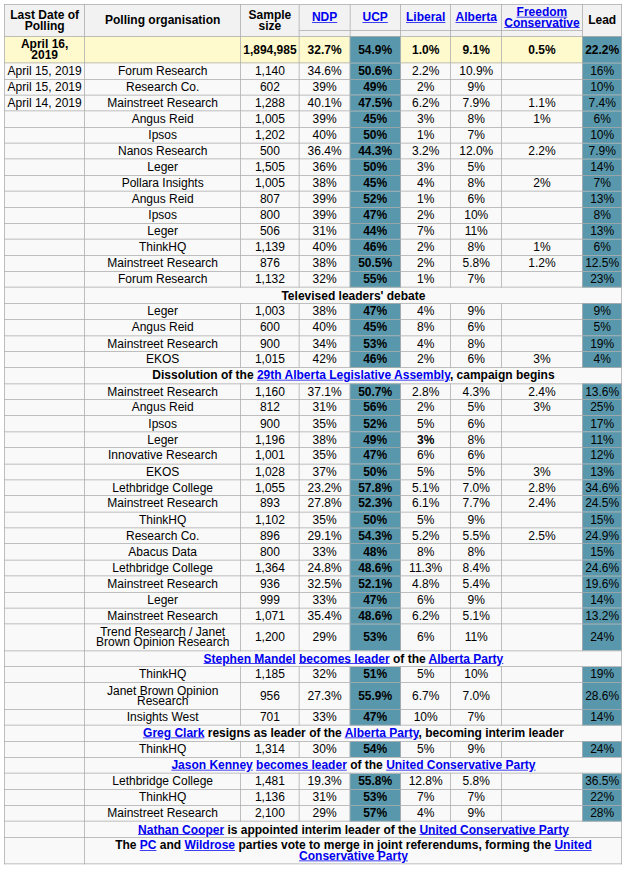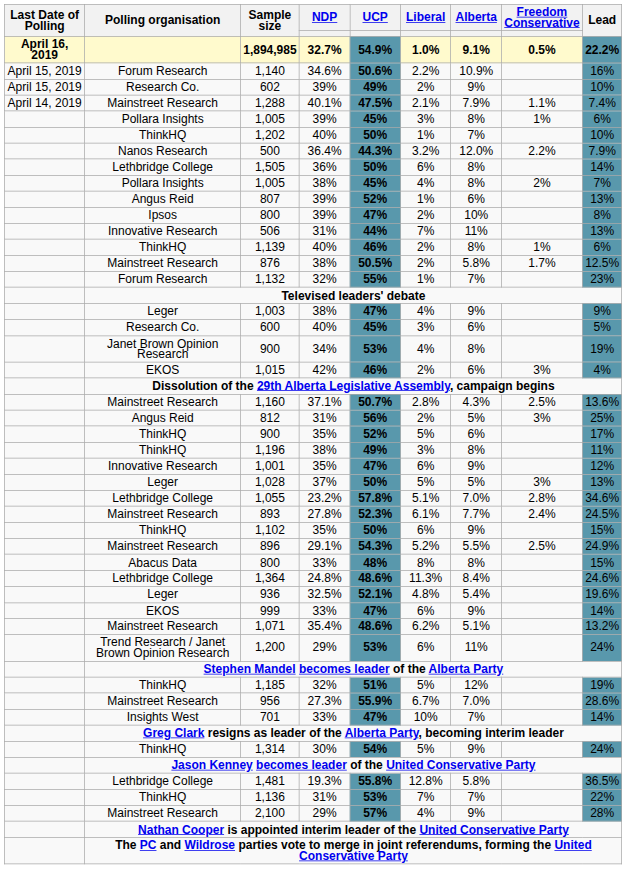 <table class="wikitable collapsible sortable" style="text-align:center;line-height:14px">
 <tr>
 <th style="width:100px;" rowspan="2">Last Date of Polling</th>
 <th style="width:200px;" rowspan="2">Polling organisation</th>
 <th style="width:65px;" rowspan="2">Sample size</th>
 <th style="width:60px;" class="unsortable"><a href='#'>NDP</a></th>
 <th style="width:60px;" class="unsortable"><a href='#'>UCP</a></th>
 <th style="width:60px;" class="unsortable"><a href='#'>Liberal</a></th>
 <th style="width:60px;" class="unsortable"><a href='#'>Alberta</a></th>
 <th style="width:60px;" class="unsortable"><a href='#'>Freedom Conservative</a></th>
 <th style="width:40px;" rowspan="2">Lead</th>
 </tr>
 <tr>
 <th class="unsortable" style="background:"></th>
 <th class="unsortable" style="background:"></th>
 <th class="unsortable" style="background:"></th>
 <th class="unsortable" style="background:"></th>
 <th class="unsortable" style="background:"></th>
 </tr>
 <tr>
 <td style="background:#FFFACD"><strong>April 16, 2019</strong></td>
 <td style="background:#FFFACD"><strong></strong></td>
 <td style="background:#FFFACD"><strong>1,894,985</strong></td>
 <td style="background:#FFFACD"><strong>32.7%</strong></td>
 <td style="background:#5998AC"><strong>54.9%</strong></td>
 <td style="background:#FFFACD"><strong>1.0%</strong></td>
 <td style="background:#FFFACD"><strong>9.1%</strong></td>
 <td style="background:#FFFACD"><strong>0.5%</strong></td>
 <td style="background:#5998AC"><strong>22.2%</strong></td>
 </tr>
 <tr>
 <td>April 15, 2019</td>
 <td>Forum Research</td>
 <td>1,140</td>
 <td>34.6%</td>
 <td style="background:#5998AC"><strong>50.6%</strong></td>
 <td>2.2%</td>
 <td>10.9%</td>
 <td></td>
 <td style="background:#5998AC">16%</td>
 </tr>
 <tr>
 <td>April 15, 2019</td>
 <td>Research Co.</td>
 <td>602</td>
 <td>39%</td>
 <td style="background:#5998AC"><strong>49%</strong></td>
 <td>2%</td>
 <td>9%</td>
 <td></td>
 <td style="background:#5998AC">10%</td>
 </tr>
 <tr>
 <td>April 14, 2019</td>
 <td>Mainstreet Research</td>
 <td>1,288</td>
 <td>40.1%</td>
 <td style="background:#5998AC"><strong>47.5%</strong></td>
-<td>6.2%</td>
+<td>2.1%</td>
 <td>7.9%</td>
 <td>1.1%</td>
 <td style="background:#5998AC">7.4%</td>
 </tr>
 <tr>
 <td></td>
-<td>Angus Reid</td>
+<td>Pollara Insights</td>
 <td>1,005</td>
 <td>39%</td>
 <td style="background:#5998AC"><strong>45%</strong></td>
 <td>3%</td>
 <td>8%</td>
 <td>1%</td>
 <td style="background:#5998AC">6%</td>
 </tr>
 <tr>
 <td></td>
-<td>Ipsos</td>
+<td>ThinkHQ</td>
 <td>1,202</td>
 <td>40%</td>
 <td style="background:#5998AC"><strong>50%</strong></td>
 <td>1%</td>
 <td>7%</td>
 <td></td>
 <td style="background:#5998AC">10%</td>
 </tr>
 <tr>
 <td></td>
 <td>Nanos Research</td>
 <td>500</td>
 <td>36.4%</td>
 <td style="background:#5998AC"><strong>44.3%</strong></td>
 <td>3.2%</td>
 <td>12.0%</td>
 <td>2.2%</td>
 <td style="background:#5998AC">7.9%</td>
 </tr>
 <tr>
 <td></td>
-<td>Leger</td>
+<td>Lethbridge College</td>
 <td>1,505</td>
 <td>36%</td>
 <td style="background:#5998AC"><strong>50%</strong></td>
-<td>3%</td>
-<td>5%</td>
+<td>6%</td>
+<td>8%</td>
 <td></td>
 <td style="background:#5998AC">14%</td>
 </tr>
 <tr>
 <td></td>
 <td>Pollara Insights</td>
 <td>1,005</td>
 <td>38%</td>
 <td style="background:#5998AC"><strong>45%</strong></td>
 <td>4%</td>
 <td>8%</td>
 <td>2%</td>
 <td style="background:#5998AC">7%</td>
 </tr>
 <tr>
 <td></td>
 <td>Angus Reid</td>
 <td>807</td>
 <td>39%</td>
 <td style="background:#5998AC"><strong>52%</strong></td>
 <td>1%</td>
 <td>6%</td>
 <td></td>
 <td style="background:#5998AC">13%</td>
 </tr>
 <tr>
 <td></td>
 <td>Ipsos</td>
 <td>800</td>
 <td>39%</td>
 <td style="background:#5998AC"><strong>47%</strong></td>
 <td>2%</td>
 <td>10%</td>
 <td></td>
 <td style="background:#5998AC">8%</td>
 </tr>
 <tr>
 <td></td>
-<td>Leger</td>
+<td>Innovative Research</td>
 <td>506</td>
 <td>31%</td>
 <td style="background:#5998AC"><strong>44%</strong></td>
 <td>7%</td>
 <td>11%</td>
 <td></td>
 <td style="background:#5998AC">13%</td>
 </tr>
 <tr>
 <td></td>
 <td>ThinkHQ</td>
 <td>1,139</td>
 <td>40%</td>
 <td style="background:#5998AC"><strong>46%</strong></td>
 <td>2%</td>
 <td>8%</td>
 <td>1%</td>
 <td style="background:#5998AC">6%</td>
 </tr>
 <tr>
 <td></td>
 <td>Mainstreet Research</td>
 <td>876</td>
 <td>38%</td>
 <td style="background:#5998AC"><strong>50.5%</strong></td>
 <td>2%</td>
 <td>5.8%</td>
-<td>1.2%</td>
+<td>1.7%</td>
 <td style="background:#5998AC">12.5%</td>
 </tr>
 <tr>
 <td></td>
 <td>Forum Research</td>
 <td>1,132</td>
 <td>32%</td>
 <td style="background:#5998AC"><strong>55%</strong></td>
 <td>1%</td>
 <td>7%</td>
 <td></td>
 <td style="background:#5998AC">23%</td>
 </tr>
 <tr>
 <td></td>
 <td colspan="9"><strong>Televised leaders' debate</strong></td>
 </tr>
 <tr>
 <td></td>
 <td>Leger</td>
 <td>1,003</td>
 <td>38%</td>
 <td style="background:#5998AC"><strong>47%</strong></td>
 <td>4%</td>
 <td>9%</td>
 <td></td>
 <td style="background:#5998AC">9%</td>
 </tr>
 <tr>
 <td></td>
-<td>Angus Reid</td>
+<td>Research Co.</td>
 <td>600</td>
 <td>40%</td>
 <td style="background:#5998AC"><strong>45%</strong></td>
-<td>8%</td>
+<td>3%</td>
 <td>6%</td>
 <td></td>
 <td style="background:#5998AC">5%</td>
 </tr>
 <tr>
 <td></td>
-<td>Mainstreet Research</td>
+<td>Janet Brown Opinion Research</td>
 <td>900</td>
 <td>34%</td>
 <td style="background:#5998AC"><strong>53%</strong></td>
 <td>4%</td>
 <td>8%</td>
 <td></td>
 <td style="background:#5998AC">19%</td>
 </tr>
 <tr>
 <td></td>
 <td>EKOS</td>
 <td>1,015</td>
 <td>42%</td>
 <td style="background:#5998AC"><strong>46%</strong></td>
 <td>2%</td>
 <td>6%</td>
 <td>3%</td>
 <td style="background:#5998AC">4%</td>
 </tr>
 <tr>
 <td></td>
 <td colspan="9"><strong>Dissolution of the <a href='#'>29th Alberta Legislative Assembly</a>, campaign begins</strong></td>
 </tr>
 <tr>
 <td></td>
 <td>Mainstreet Research</td>
 <td>1,160</td>
 <td>37.1%</td>
 <td style="background:#5998AC"><strong>50.7%</strong></td>
 <td>2.8%</td>
 <td>4.3%</td>
-<td>2.4%</td>
+<td>2.5%</td>
 <td style="background:#5998AC">13.6%</td>
 </tr>
 <tr>
 <td></td>
 <td>Angus Reid</td>
 <td>812</td>
 <td>31%</td>
 <td style="background:#5998AC"><strong>56%</strong></td>
 <td>2%</td>
 <td>5%</td>
 <td>3%</td>
 <td style="background:#5998AC">25%</td>
 </tr>
 <tr>
 <td></td>
-<td>Ipsos</td>
+<td>ThinkHQ</td>
 <td>900</td>
 <td>35%</td>
 <td style="background:#5998AC"><strong>52%</strong></td>
 <td>5%</td>
 <td>6%</td>
 <td></td>
 <td style="background:#5998AC">17%</td>
 </tr>
 <tr>
 <td></td>
-<td>Leger</td>
+<td>ThinkHQ</td>
 <td>1,196</td>
 <td>38%</td>
 <td style="background:#5998AC"><strong>49%</strong></td>
-<td><strong>3%</strong></td>
+<td>3%</td>
 <td>8%</td>
 <td></td>
 <td style="background:#5998AC">11%</td>
 </tr>
 <tr>
 <td></td>
 <td>Innovative Research</td>
 <td>1,001</td>
 <td>35%</td>
 <td style="background:#5998AC"><strong>47%</strong></td>
 <td>6%</td>
-<td>6%</td>
+<td>9%</td>
 <td></td>
 <td style="background:#5998AC">12%</td>
 </tr>
 <tr>
 <td></td>
-<td>EKOS</td>
+<td>Leger</td>
 <td>1,028</td>
 <td>37%</td>
 <td style="background:#5998AC"><strong>50%</strong></td>
 <td>5%</td>
 <td>5%</td>
 <td>3%</td>
 <td style="background:#5998AC">13%</td>
 </tr>
 <tr>
 <td></td>
 <td>Lethbridge College</td>
 <td>1,055</td>
 <td>23.2%</td>
 <td style="background:#5998AC"><strong>57.8%</strong></td>
 <td>5.1%</td>
 <td>7.0%</td>
 <td>2.8%</td>
 <td style="background:#5998AC">34.6%</td>
 </tr>
 <tr>
 <td></td>
 <td>Mainstreet Research</td>
 <td>893</td>
 <td>27.8%</td>
 <td style="background:#5998AC"><strong>52.3%</strong></td>
 <td>6.1%</td>
 <td>7.7%</td>
 <td>2.4%</td>
 <td style="background:#5998AC">24.5%</td>
 </tr>
 <tr>
 <td></td>
 <td>ThinkHQ</td>
 <td>1,102</td>
 <td>35%</td>
 <td style="background:#5998AC"><strong>50%</strong></td>
-<td>5%</td>
+<td>6%</td>
 <td>9%</td>
 <td></td>
 <td style="background:#5998AC">15%</td>
 </tr>
 <tr>
 <td></td>
-<td>Research Co.</td>
+<td>Mainstreet Research</td>
 <td>896</td>
 <td>29.1%</td>
 <td style="background:#5998AC"><strong>54.3%</strong></td>
 <td>5.2%</td>
 <td>5.5%</td>
 <td>2.5%</td>
 <td style="background:#5998AC">24.9%</td>
 </tr>
 <tr>
 <td></td>
 <td>Abacus Data</td>
 <td>800</td>
 <td>33%</td>
 <td style="background:#5998AC"><strong>48%</strong></td>
 <td>8%</td>
 <td>8%</td>
 <td></td>
 <td style="background:#5998AC">15%</td>
 </tr>
 <tr>
 <td></td>
 <td>Lethbridge College</td>
 <td>1,364</td>
 <td>24.8%</td>
 <td style="background:#5998AC"><strong>48.6%</strong></td>
 <td>11.3%</td>
 <td>8.4%</td>
 <td></td>
 <td style="background:#5998AC">24.6%</td>
 </tr>
 <tr>
 <td></td>
-<td>Mainstreet Research</td>
+<td>Leger</td>
 <td>936</td>
 <td>32.5%</td>
 <td style="background:#5998AC"><strong>52.1%</strong></td>
 <td>4.8%</td>
 <td>5.4%</td>
 <td></td>
 <td style="background:#5998AC">19.6%</td>
 </tr>
 <tr>
 <td></td>
-<td>Leger</td>
+<td>EKOS</td>
 <td>999</td>
 <td>33%</td>
 <td style="background:#5998AC"><strong>47%</strong></td>
 <td>6%</td>
 <td>9%</td>
 <td></td>
 <td style="background:#5998AC">14%</td>
 </tr>
 <tr>
 <td></td>
 <td>Mainstreet Research</td>
 <td>1,071</td>
 <td>35.4%</td>
 <td style="background:#5998AC"><strong>48.6%</strong></td>
 <td>6.2%</td>
 <td>5.1%</td>
 <td></td>
 <td style="background:#5998AC">13.2%</td>
 </tr>
 <tr>
 <td></td>
 <td>Trend Research / Janet Brown Opinion Research</td>
 <td>1,200</td>
 <td>29%</td>
 <td style="background:#5998AC"><strong>53%</strong></td>
 <td>6%</td>
 <td>11%</td>
 <td></td>
 <td style="background:#5998AC">24%</td>
 </tr>
 <tr>
 <td></td>
 <td colspan="9"><strong><a href='#'>Stephen Mandel</a> <a href='#'>becomes leader</a> of the <a href='#'>Alberta Party</a></strong></td>
 </tr>
 <tr>
 <td></td>
 <td>ThinkHQ</td>
 <td>1,185</td>
 <td>32%</td>
 <td style="background:#5998AC"><strong>51%</strong></td>
 <td>5%</td>
-<td>10%</td>
+<td>12%</td>
 <td></td>
 <td style="background:#5998AC">19%</td>
 </tr>
 <tr>
 <td></td>
-<td>Janet Brown Opinion Research</td>
+<td>Mainstreet Research</td>
 <td>956</td>
 <td>27.3%</td>
 <td style="background:#5998AC"><strong>55.9%</strong></td>
 <td>6.7%</td>
 <td>7.0%</td>
 <td></td>
 <td style="background:#5998AC">28.6%</td>
 </tr>
 <tr>
 <td></td>
 <td>Insights West</td>
 <td>701</td>
 <td>33%</td>
 <td style="background:#5998AC"><strong>47%</strong></td>
 <td>10%</td>
 <td>7%</td>
 <td></td>
 <td style="background:#5998AC">14%</td>
 </tr>
 <tr>
 <td></td>
 <td colspan="9"><strong><a href='#'>Greg Clark</a> resigns as leader of the <a href='#'>Alberta Party</a>, becoming interim leader</strong></td>
 </tr>
 <tr>
 <td></td>
 <td>ThinkHQ</td>
 <td>1,314</td>
 <td>30%</td>
 <td style="background:#5998AC"><strong>54%</strong></td>
 <td>5%</td>
 <td>9%</td>
 <td></td>
 <td style="background:#5998AC">24%</td>
 </tr>
 <tr>
 <td></td>
 <td colspan="9"><strong><a href='#'>Jason Kenney</a> <a href='#'>becomes leader</a> of the <a href='#'>United Conservative Party</a></strong></td>
 </tr>
 <tr>
 <td></td>
 <td>Lethbridge College</td>
 <td>1,481</td>
 <td>19.3%</td>
 <td style="background:#5998AC"><strong>55.8%</strong></td>
 <td>12.8%</td>
 <td>5.8%</td>
 <td></td>
 <td style="background:#5998AC">36.5%</td>
 </tr>
 <tr>
 <td></td>
 <td>ThinkHQ</td>
 <td>1,136</td>
 <td>31%</td>
 <td style="background:#5998AC"><strong>53%</strong></td>
 <td>7%</td>
 <td>7%</td>
 <td></td>
 <td style="background:#5998AC">22%</td>
 </tr>
 <tr>
 <td></td>
 <td>Mainstreet Research</td>
 <td>2,100</td>
 <td>29%</td>
 <td style="background:#5998AC"><strong>57%</strong></td>
 <td>4%</td>
 <td>9%</td>
 <td></td>
 <td style="background:#5998AC">28%</td>
 </tr>
 <tr>
 <td></td>
 <td colspan="9"><strong><a href='#'>Nathan Cooper</a> is appointed interim leader of the <a href='#'>United Conservative Party</a></strong></td>
 </tr>
 <tr>
 <td></td>
 <td colspan="9"><strong>The <a href='#'>PC</a> and <a href='#'>Wildrose</a> parties vote to merge in joint referendums, forming the <a href='#'>United Conservative Party</a></strong></td>
 </tr>
 </table>
